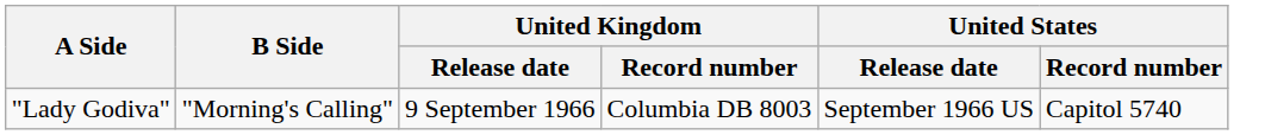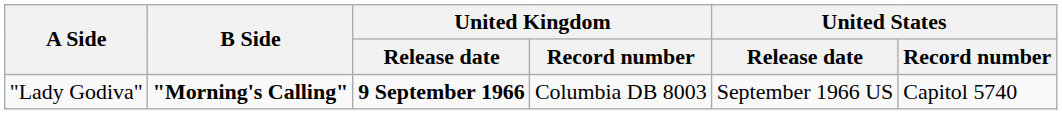 <table class=wikitable>
 <tr>
 <th rowspan=2>A Side</th>
 <th rowspan=2>B Side</th>
 <th colspan=2>United Kingdom</th>
 <th colspan=2>United States</th>
 </tr>
 <tr>
 <th>Release date</th>
 <th>Record number</th>
 <th>Release date</th>
 <th>Record number</th>
 </tr>
 <tr>
 <td>"Lady Godiva"</td>
-<td>"Morning's Calling"</td>
-<td>9 September 1966</td>
+<td><strong>"Morning's Calling"</strong></td>
+<td><strong>9 September 1966</strong></td>
 <td>Columbia DB 8003</td>
 <td>September 1966 US</td>
 <td>Capitol 5740</td>
 </tr>
 </table>
